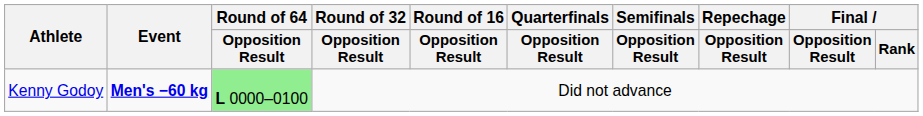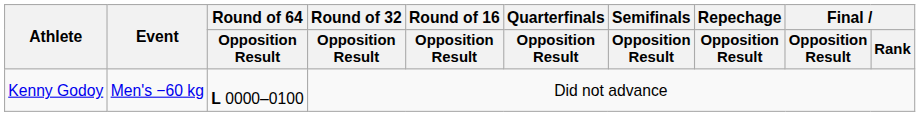 <table class="wikitable" style="font-size:90%">
 <tr>
 <th rowspan="2">Athlete</th>
 <th rowspan="2">Event</th>
 <th>Round of 64</th>
 <th>Round of 32</th>
 <th>Round of 16</th>
 <th>Quarterfinals</th>
 <th>Semifinals</th>
 <th>Repechage</th>
 <th colspan=2>Final / </th>
 </tr>
 <tr style="font-size:95%">
 <th>Opposition<br>Result</th>
 <th>Opposition<br>Result</th>
 <th>Opposition<br>Result</th>
 <th>Opposition<br>Result</th>
 <th>Opposition<br>Result</th>
 <th>Opposition<br>Result</th>
 <th>Opposition<br>Result</th>
 <th>Rank</th>
 </tr>
 <tr align=center>
 <td align=left><a href='#'>Kenny Godoy</a></td>
-<td align=left><strong><a href='#'>Men's −60 kg</a></strong></td>
-<td style="background: lightgreen;"><br><strong>L</strong> 0000–0100</td>
+<td align=left><a href='#'>Men's −60 kg</a></td>
+<td><br><strong>L</strong> 0000–0100</td>
 <td colspan=7>Did not advance</td>
 </tr>
 </table>
